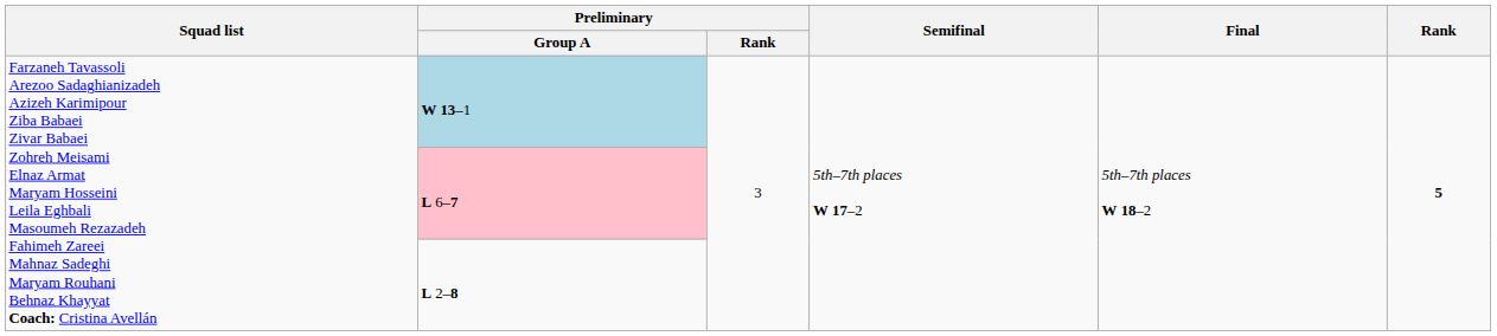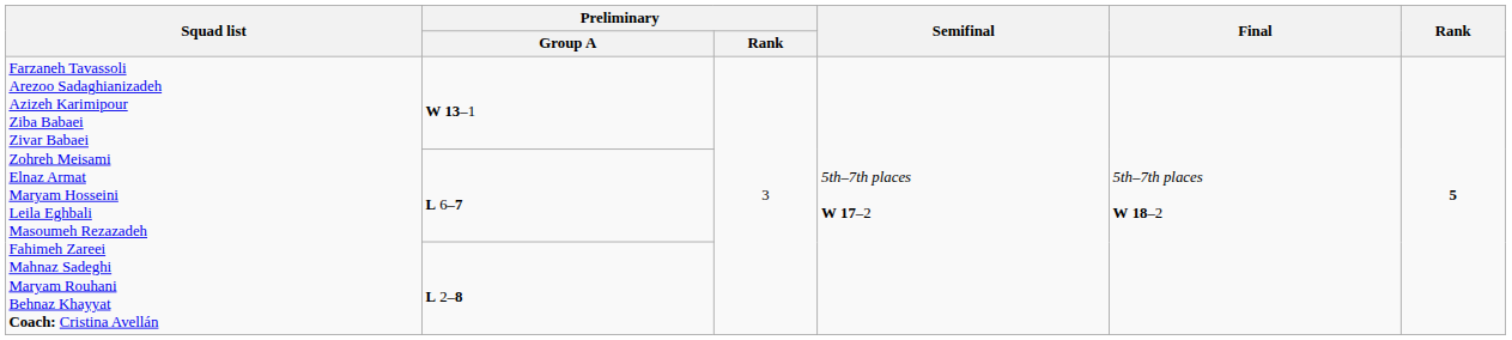 <table class="wikitable" width="71%" style="text-align:left; font-size:90%">
 <tr>
 <th rowspan="2" width="20%">Squad list</th>
 <th colspan="2">Preliminary</th>
 <th rowspan="2" width="14%">Semifinal</th>
 <th rowspan="2" width="14%">Final</th>
 <th rowspan="2" width="5%">Rank</th>
 </tr>
 <tr>
 <th width="14%">Group A</th>
 <th width="5%">Rank</th>
 </tr>
 <tr>
 <td rowspan="3"><a href='#'>Farzaneh Tavassoli</a><br><a href='#'>Arezoo Sadaghianizadeh</a><br><a href='#'>Azizeh Karimipour</a><br><a href='#'>Ziba Babaei</a><br><a href='#'>Zivar Babaei</a><br><a href='#'>Zohreh Meisami</a><br><a href='#'>Elnaz Armat</a><br><a href='#'>Maryam Hosseini</a><br><a href='#'>Leila Eghbali</a><br><a href='#'>Masoumeh Rezazadeh</a><br><a href='#'>Fahimeh Zareei</a><br><a href='#'>Mahnaz Sadeghi</a><br><a href='#'>Maryam Rouhani</a><br><a href='#'>Behnaz Khayyat</a><br><strong>Coach:</strong>  <a href='#'>Cristina Avellán</a></td>
-<td style="background: lightblue;"><br><strong>W</strong> <strong>13</strong>–1</td>
+<td><br><strong>W</strong> <strong>13</strong>–1</td>
 <td rowspan="3" align=center>3</td>
 <td rowspan="3"><em>5th–7th places</em><br><br><strong>W</strong> <strong>17</strong>–2</td>
 <td rowspan="3"><em>5th–7th places</em><br><br><strong>W</strong> <strong>18</strong>–2</td>
 <td rowspan="3" align="center"><strong>5</strong></td>
 </tr>
 <tr>
-<td style="background: pink;"><br><strong>L</strong> 6–<strong>7</strong></td>
+<td><br><strong>L</strong> 6–<strong>7</strong></td>
 </tr>
 <tr>
 <td><br><strong>L</strong> 2–<strong>8</strong></td>
 </tr>
 </table>
